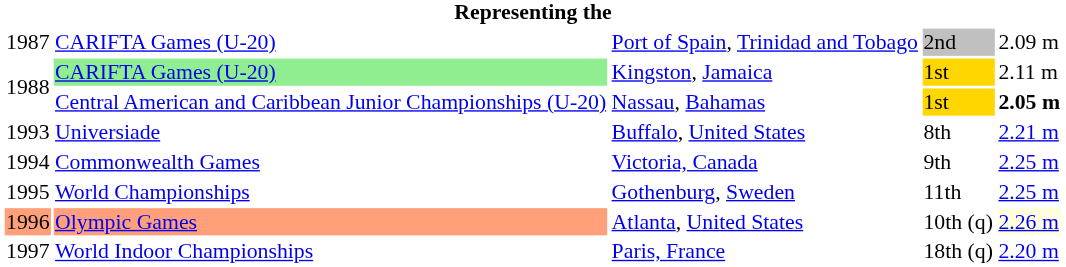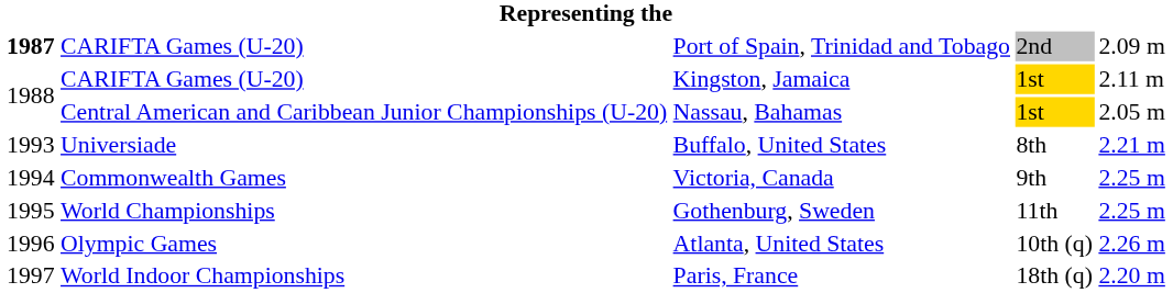 <table>
 <tr>
 <th colspan="6">Representing the </th>
 </tr>
 <tr>
-<td>1987</td>
+<td><strong>1987</strong></td>
 <td><a href='#'>CARIFTA Games (U-20)</a></td>
 <td><a href='#'>Port of Spain</a>, <a href='#'>Trinidad and Tobago</a></td>
 <td bgcolor=silver>2nd</td>
 <td>2.09 m</td>
 </tr>
 <tr>
 <td rowspan = "2">1988</td>
-<td style="background: lightgreen;"><a href='#'>CARIFTA Games (U-20)</a></td>
+<td><a href='#'>CARIFTA Games (U-20)</a></td>
 <td><a href='#'>Kingston</a>, <a href='#'>Jamaica</a></td>
 <td bgcolor=gold>1st</td>
 <td>2.11 m</td>
 </tr>
 <tr>
 <td><a href='#'>Central American and Caribbean Junior Championships (U-20)</a></td>
 <td><a href='#'>Nassau</a>, <a href='#'>Bahamas</a></td>
 <td bgcolor=gold>1st</td>
-<td><strong>2.05 m</strong></td>
+<td>2.05 m</td>
 </tr>
 <tr>
 <td>1993</td>
 <td><a href='#'>Universiade</a></td>
 <td><a href='#'>Buffalo</a>, <a href='#'>United States</a></td>
 <td>8th</td>
 <td><a href='#'>2.21 m</a></td>
 </tr>
 <tr>
 <td>1994</td>
 <td><a href='#'>Commonwealth Games</a></td>
 <td><a href='#'>Victoria, Canada</a></td>
 <td>9th</td>
 <td><a href='#'>2.25 m</a></td>
 </tr>
 <tr>
 <td>1995</td>
 <td><a href='#'>World Championships</a></td>
 <td><a href='#'>Gothenburg</a>, <a href='#'>Sweden</a></td>
 <td>11th</td>
 <td><a href='#'>2.25 m</a></td>
 </tr>
 <tr>
-<td style="background: lightsalmon;">1996</td>
-<td style="background: lightsalmon;"><a href='#'>Olympic Games</a></td>
+<td>1996</td>
+<td><a href='#'>Olympic Games</a></td>
 <td><a href='#'>Atlanta</a>, <a href='#'>United States</a></td>
 <td>10th (q)</td>
-<td style="background: lightyellow;"><a href='#'>2.26 m</a></td>
+<td><a href='#'>2.26 m</a></td>
 </tr>
 <tr>
 <td>1997</td>
 <td><a href='#'>World Indoor Championships</a></td>
 <td><a href='#'>Paris, France</a></td>
 <td>18th (q)</td>
 <td><a href='#'>2.20 m</a></td>
 </tr>
 </table>
